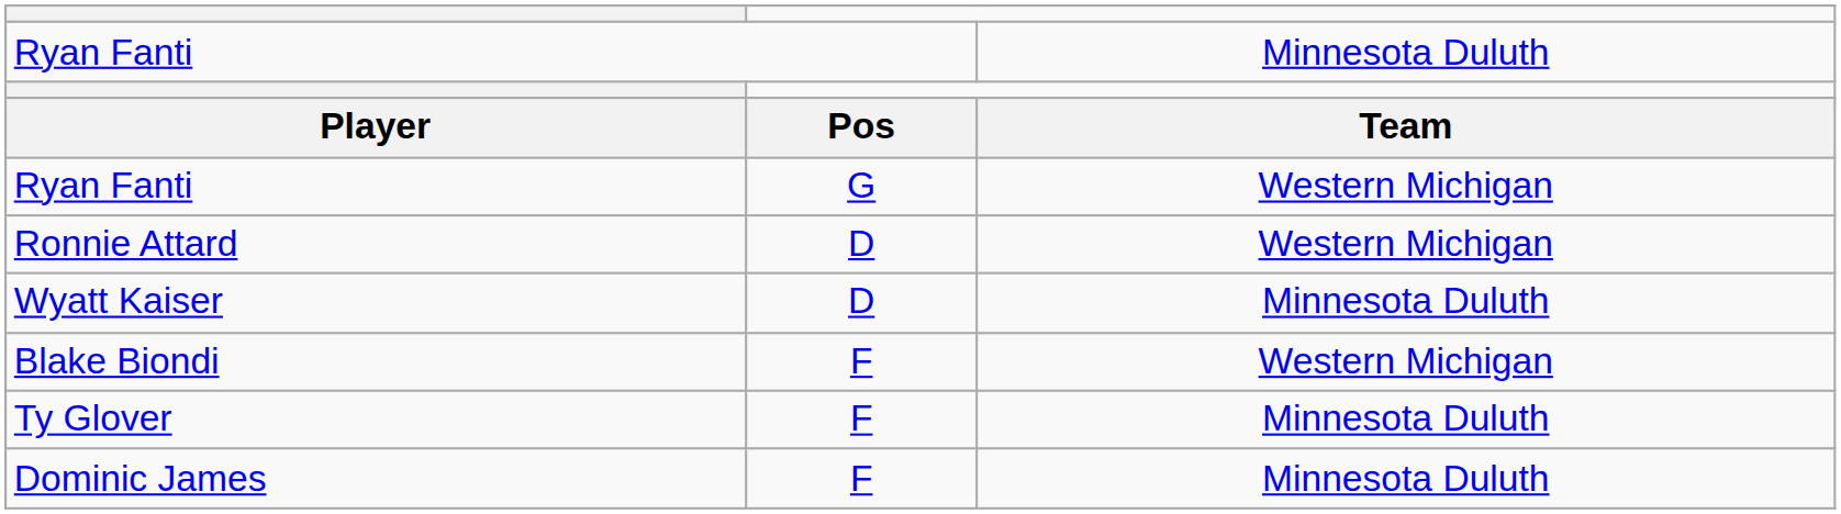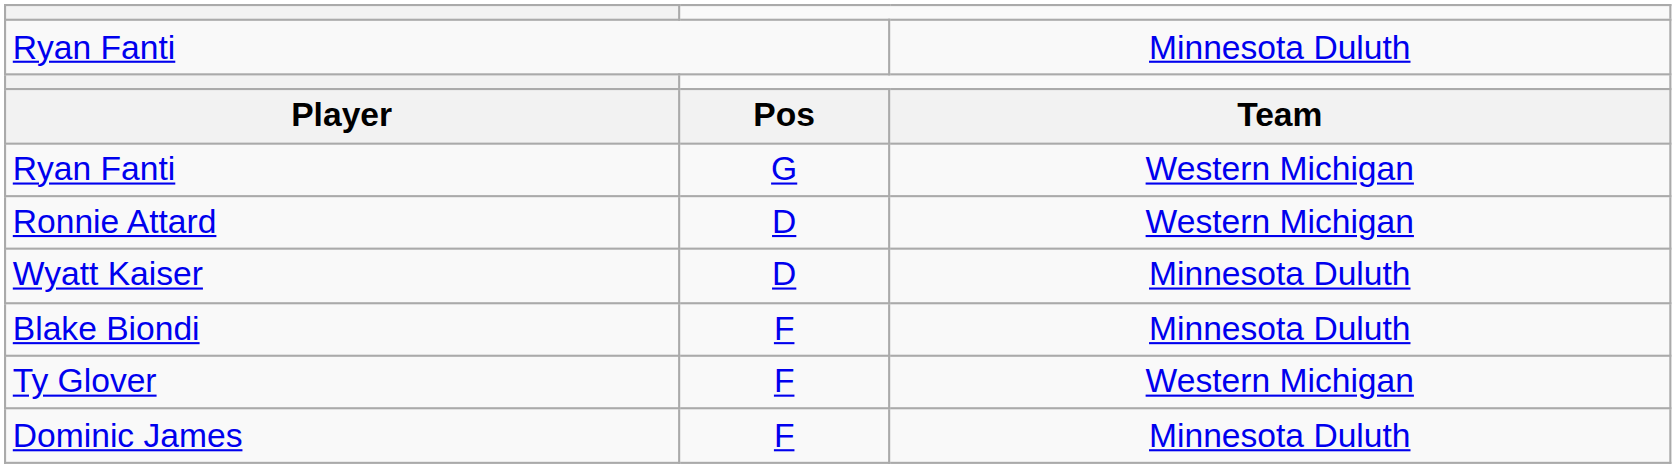 <table class="wikitable" width=40%>
 <tr>
 <th><a href='#'></a></th>
 </tr>
 <tr>
 <td colspan=2><a href='#'>Ryan Fanti</a></td>
 <td align=center><a href='#'>Minnesota Duluth</a></td>
 </tr>
 <tr>
 <th><a href='#'></a></th>
 </tr>
 <tr>
 <th>Player</th>
 <th>Pos</th>
 <th>Team</th>
 </tr>
 <tr>
 <td><a href='#'>Ryan Fanti</a></td>
 <td align=center><a href='#'>G</a></td>
 <td align=center><a href='#'>Western Michigan</a></td>
 </tr>
 <tr>
 <td><a href='#'>Ronnie Attard</a></td>
 <td align=center><a href='#'>D</a></td>
 <td align=center><a href='#'>Western Michigan</a></td>
 </tr>
 <tr>
 <td><a href='#'>Wyatt Kaiser</a></td>
 <td align=center><a href='#'>D</a></td>
 <td align=center><a href='#'>Minnesota Duluth</a></td>
 </tr>
 <tr>
 <td><a href='#'>Blake Biondi</a></td>
 <td align=center><a href='#'>F</a></td>
-<td align=center><a href='#'>Western Michigan</a></td>
+<td align=center><a href='#'>Minnesota Duluth</a></td>
 </tr>
 <tr>
 <td><a href='#'>Ty Glover</a></td>
 <td align=center><a href='#'>F</a></td>
-<td align=center><a href='#'>Minnesota Duluth</a></td>
+<td align=center><a href='#'>Western Michigan</a></td>
 </tr>
 <tr>
 <td><a href='#'>Dominic James</a></td>
 <td align=center><a href='#'>F</a></td>
 <td align=center><a href='#'>Minnesota Duluth</a></td>
 </tr>
 </table>
